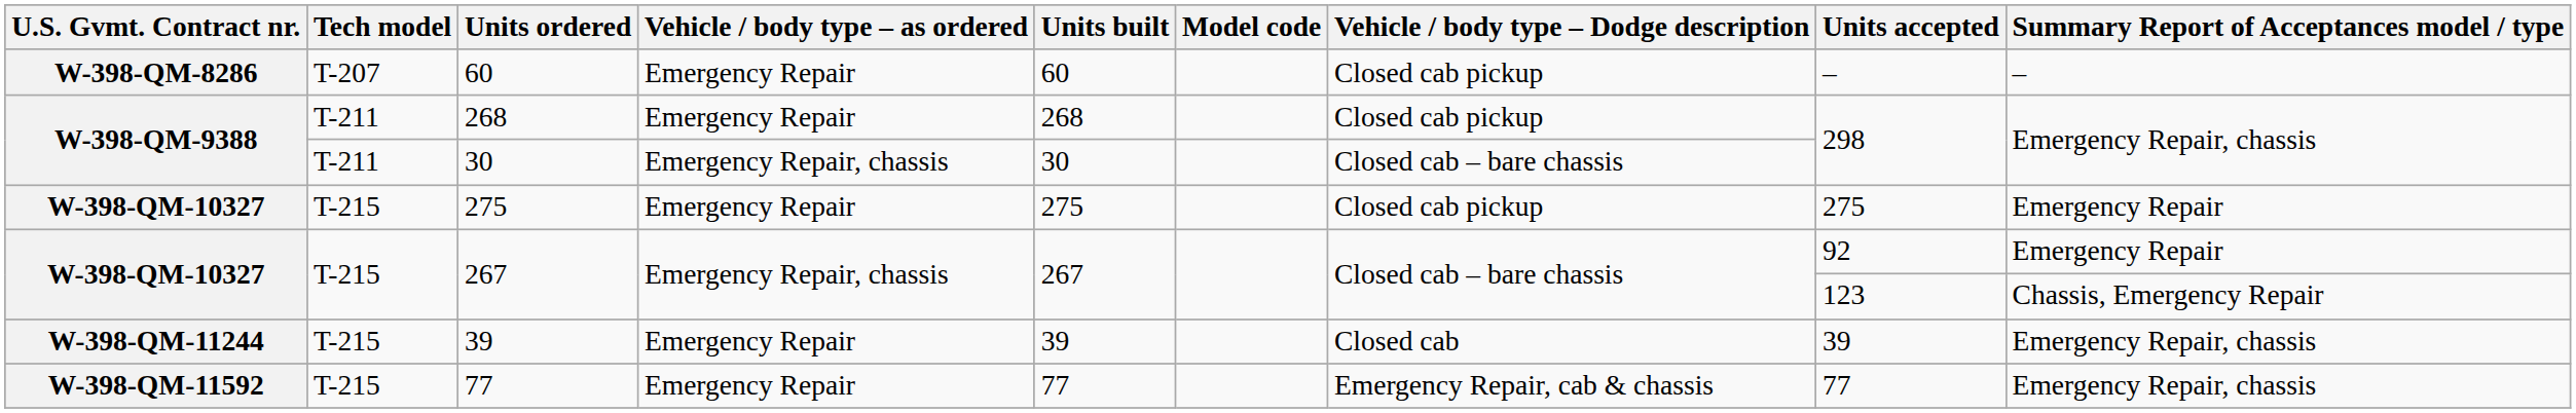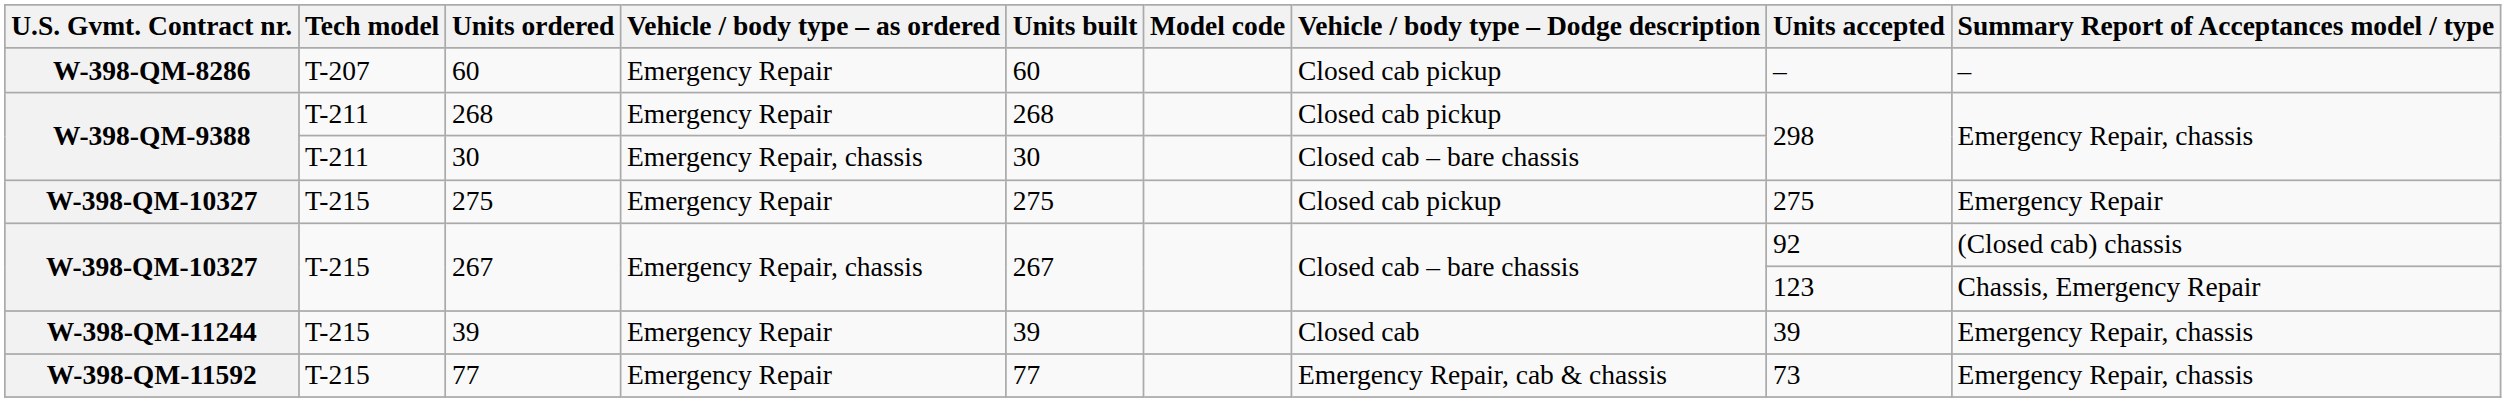 <table class="wikitable">
 <tr>
 <th>U.S. Gvmt. Contract nr.</th>
 <th>Tech model</th>
 <th>Units ordered</th>
 <th>Vehicle / body type – as ordered </th>
 <th>Units built</th>
 <th>Model code</th>
 <th>Vehicle / body type – Dodge description </th>
 <th>Units accepted</th>
 <th>Summary Report of Acceptances model / type </th>
 </tr>
 <tr>
 <th>W-398-QM-8286</th>
 <td>T-207</td>
 <td>60</td>
 <td>Emergency Repair</td>
 <td>60</td>
 <td></td>
 <td>Closed cab pickup</td>
 <td>–</td>
 <td>–</td>
 </tr>
 <tr>
 <th rowspan=2>W-398-QM-9388</th>
 <td>T-211</td>
 <td>268</td>
 <td>Emergency Repair</td>
 <td>268</td>
 <td></td>
 <td>Closed cab pickup</td>
 <td rowspan=2>298</td>
 <td rowspan=2>Emergency Repair, chassis</td>
 </tr>
 <tr>
 <td>T-211</td>
 <td>30</td>
 <td>Emergency Repair, chassis</td>
 <td>30</td>
 <td></td>
 <td>Closed cab – bare chassis</td>
 </tr>
 <tr>
 <th>W-398-QM-10327</th>
 <td>T-215</td>
 <td>275</td>
 <td>Emergency Repair</td>
 <td>275</td>
 <td></td>
 <td>Closed cab pickup</td>
 <td>275</td>
 <td>Emergency Repair</td>
 </tr>
 <tr>
 <th rowspan=2>W-398-QM-10327</th>
 <td rowspan=2>T-215</td>
 <td rowspan=2>267</td>
 <td rowspan=2>Emergency Repair, chassis</td>
 <td rowspan=2>267</td>
 <td rowspan=2></td>
 <td rowspan=2>Closed cab – bare chassis</td>
 <td>92</td>
-<td>Emergency Repair</td>
+<td>(Closed cab) chassis </td>
 </tr>
 <tr>
 <td>123</td>
 <td>Chassis, Emergency Repair</td>
 </tr>
 <tr>
 <th>W-398-QM-11244</th>
 <td>T-215</td>
 <td>39</td>
 <td>Emergency Repair</td>
 <td>39</td>
 <td></td>
 <td>Closed cab</td>
 <td>39</td>
 <td>Emergency Repair, chassis</td>
 </tr>
 <tr>
 <th>W-398-QM-11592</th>
 <td>T-215</td>
 <td>77</td>
 <td>Emergency Repair</td>
 <td>77</td>
 <td></td>
 <td>Emergency Repair, cab & chassis</td>
-<td>77</td>
+<td>73</td>
 <td>Emergency Repair, chassis</td>
 </tr>
 </table>
